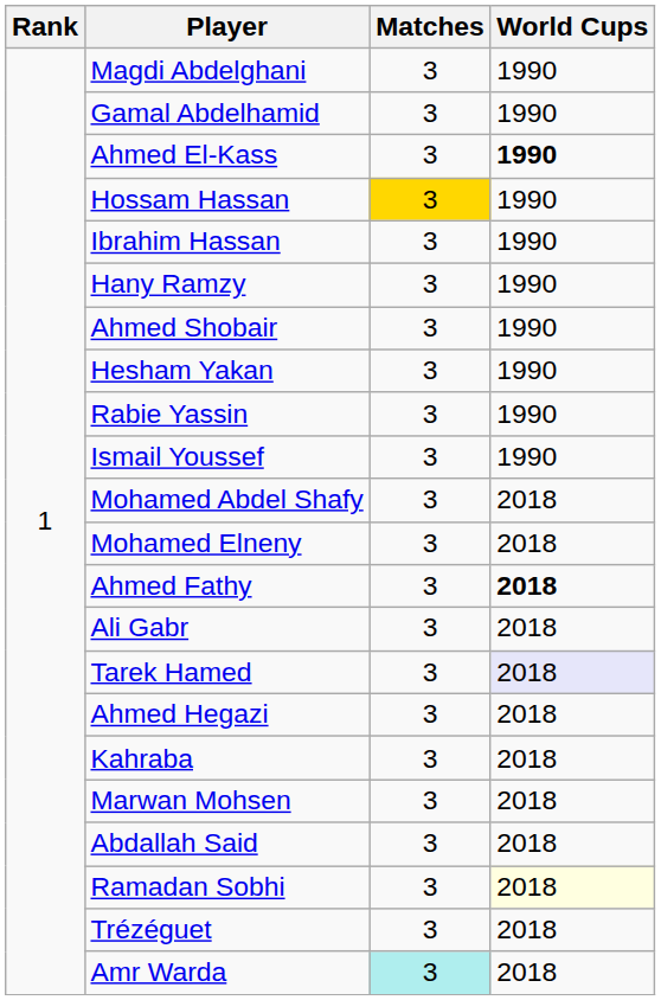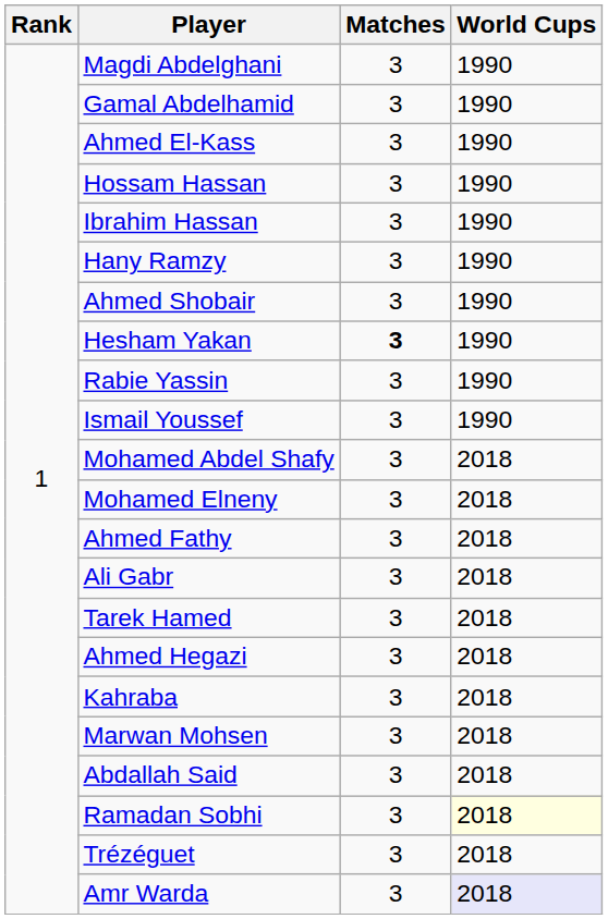 <table class="wikitable" style="text-align: left;">
 <tr>
 <th>Rank</th>
 <th>Player</th>
 <th>Matches</th>
 <th>World Cups</th>
 </tr>
 <tr>
 <td rowspan=22 align=center>1</td>
 <td><a href='#'>Magdi Abdelghani</a></td>
 <td align=center>3</td>
 <td>1990</td>
 </tr>
 <tr>
 <td><a href='#'>Gamal Abdelhamid</a></td>
 <td align=center>3</td>
 <td>1990</td>
 </tr>
 <tr>
 <td><a href='#'>Ahmed El-Kass</a></td>
 <td align=center>3</td>
-<td><strong>1990</strong></td>
+<td>1990</td>
 </tr>
 <tr>
 <td><a href='#'>Hossam Hassan</a></td>
-<td align=center style="background: gold;">3</td>
+<td align=center>3</td>
 <td>1990</td>
 </tr>
 <tr>
 <td><a href='#'>Ibrahim Hassan</a></td>
 <td align=center>3</td>
 <td>1990</td>
 </tr>
 <tr>
 <td><a href='#'>Hany Ramzy</a></td>
 <td align=center>3</td>
 <td>1990</td>
 </tr>
 <tr>
 <td><a href='#'>Ahmed Shobair</a></td>
 <td align=center>3</td>
 <td>1990</td>
 </tr>
 <tr>
 <td><a href='#'>Hesham Yakan</a></td>
-<td align=center>3</td>
+<td align=center><strong>3</strong></td>
 <td>1990</td>
 </tr>
 <tr>
 <td><a href='#'>Rabie Yassin</a></td>
 <td align=center>3</td>
 <td>1990</td>
 </tr>
 <tr>
 <td><a href='#'>Ismail Youssef</a></td>
 <td align=center>3</td>
 <td>1990</td>
 </tr>
 <tr>
 <td><a href='#'>Mohamed Abdel Shafy</a></td>
 <td align=center>3</td>
 <td>2018</td>
 </tr>
 <tr>
 <td><a href='#'>Mohamed Elneny</a></td>
 <td align=center>3</td>
 <td>2018</td>
 </tr>
 <tr>
 <td><a href='#'>Ahmed Fathy</a></td>
 <td align=center>3</td>
-<td><strong>2018</strong></td>
+<td>2018</td>
 </tr>
 <tr>
 <td><a href='#'>Ali Gabr</a></td>
 <td align=center>3</td>
 <td>2018</td>
 </tr>
 <tr>
 <td><a href='#'>Tarek Hamed</a></td>
 <td align=center>3</td>
-<td style="background: lavender;">2018</td>
+<td>2018</td>
 </tr>
 <tr>
 <td><a href='#'>Ahmed Hegazi</a></td>
 <td align=center>3</td>
 <td>2018</td>
 </tr>
 <tr>
 <td><a href='#'>Kahraba</a></td>
 <td align=center>3</td>
 <td>2018</td>
 </tr>
 <tr>
 <td><a href='#'>Marwan Mohsen</a></td>
 <td align=center>3</td>
 <td>2018</td>
 </tr>
 <tr>
 <td><a href='#'>Abdallah Said</a></td>
 <td align=center>3</td>
 <td>2018</td>
 </tr>
 <tr>
 <td><a href='#'>Ramadan Sobhi</a></td>
 <td align=center>3</td>
 <td style="background: lightyellow;">2018</td>
 </tr>
 <tr>
 <td><a href='#'>Trézéguet</a></td>
 <td align=center>3</td>
 <td>2018</td>
 </tr>
 <tr>
 <td><a href='#'>Amr Warda</a></td>
-<td align=center style="background: paleturquoise;">3</td>
-<td>2018</td>
+<td align=center>3</td>
+<td style="background: lavender;">2018</td>
 </tr>
 <tr>
 </tr>
 </table>
